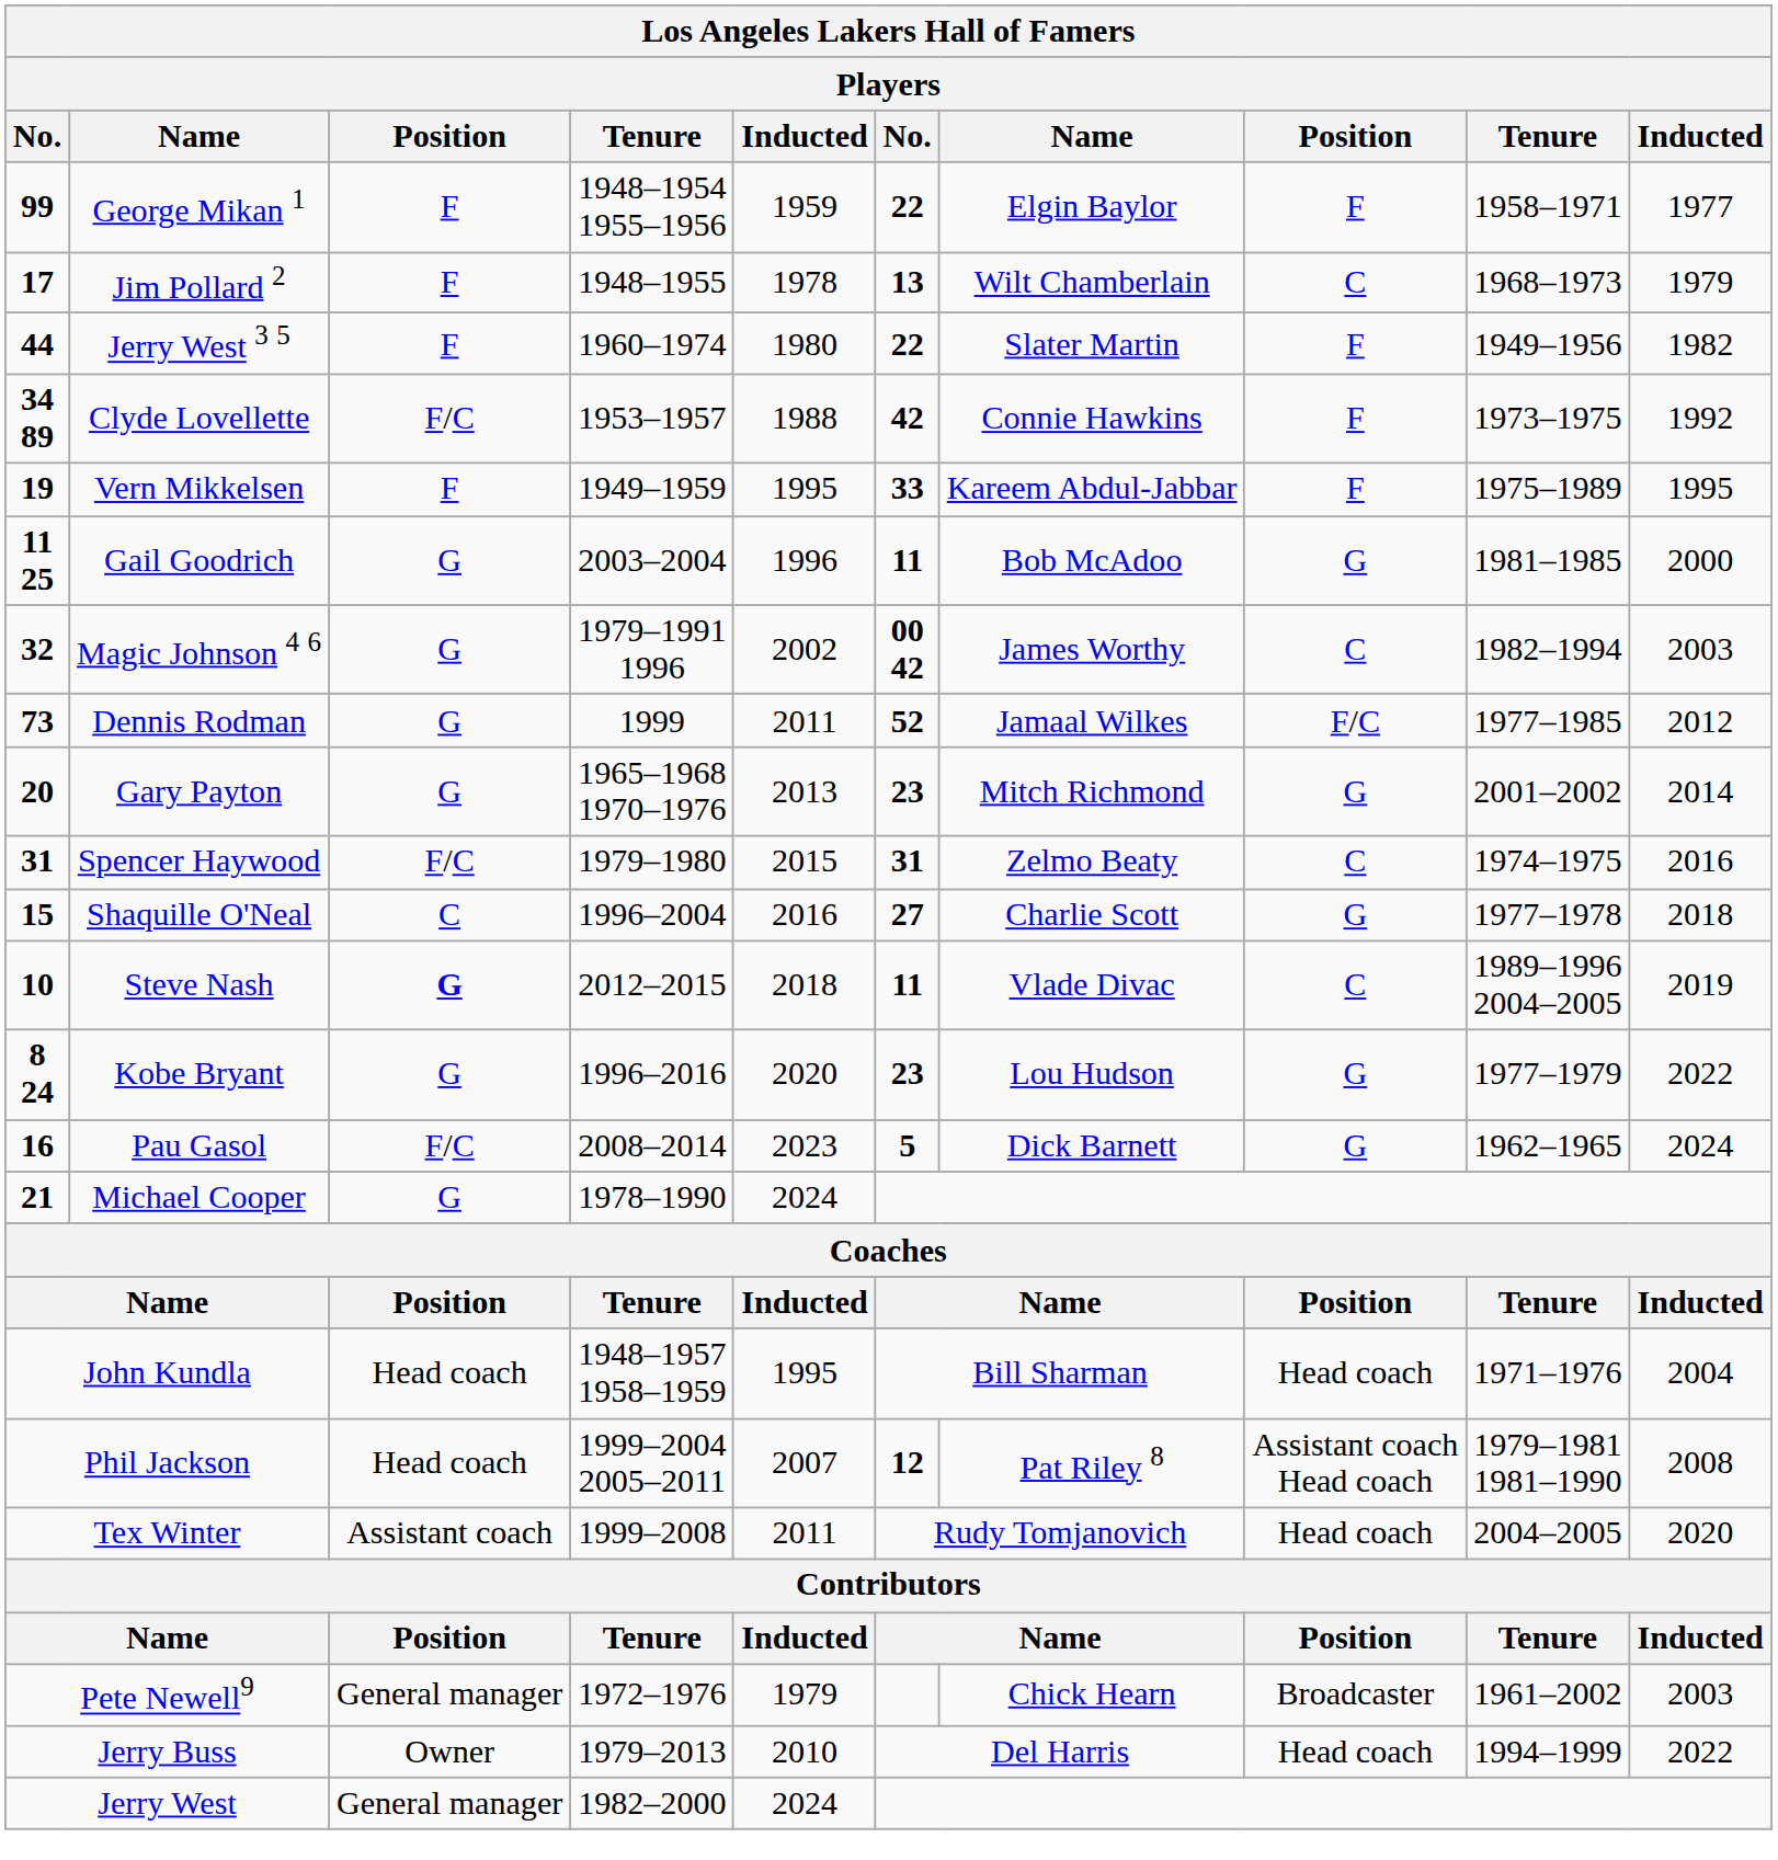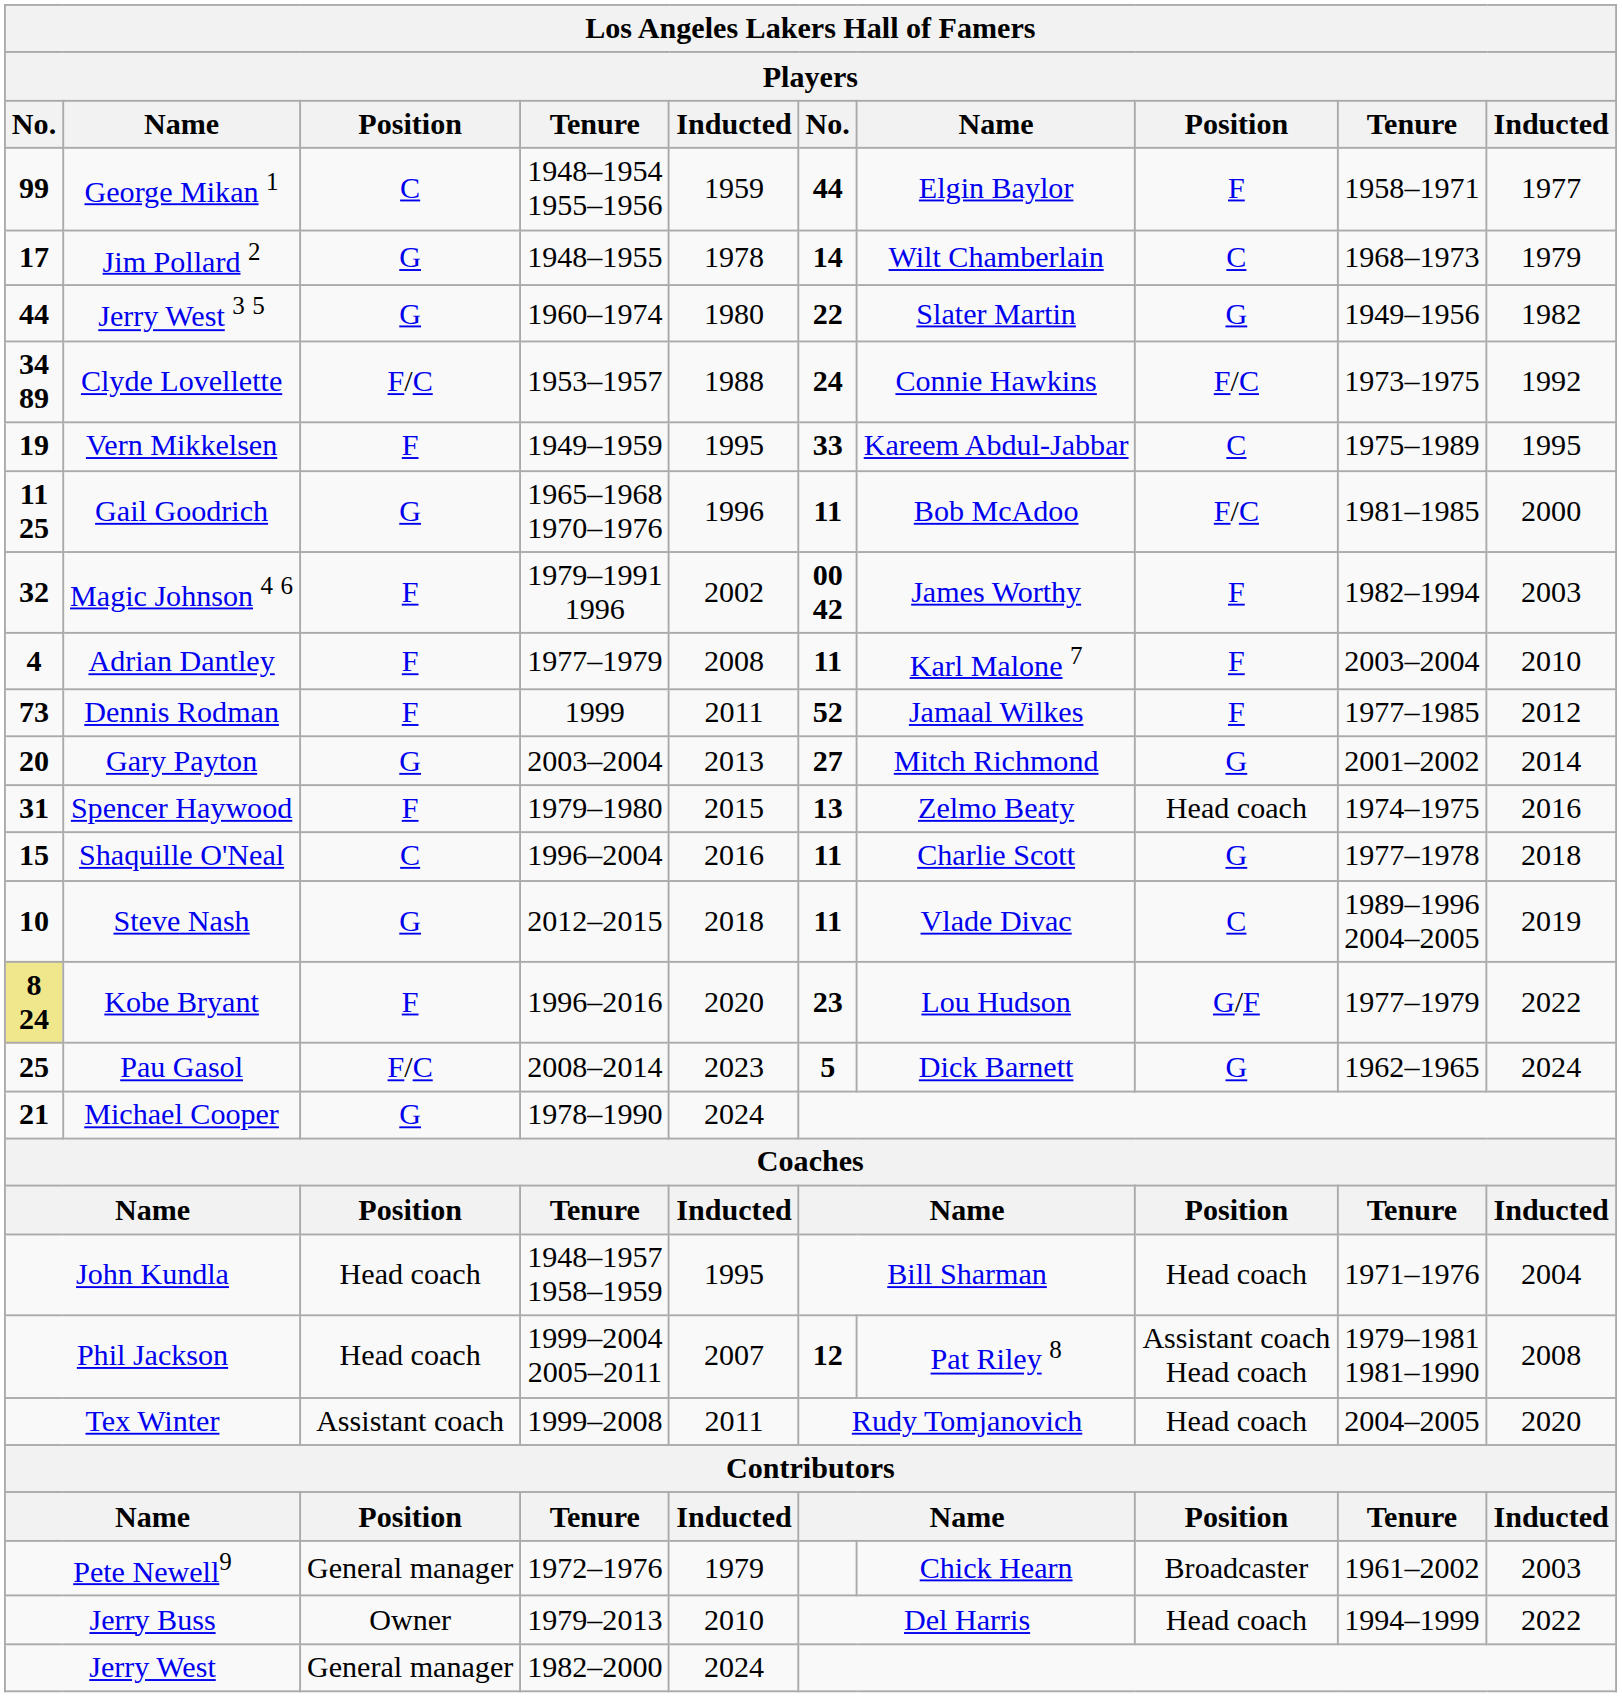 <table class="wikitable" style="text-align:center">
 <tr>
 <th colspan="10">Los Angeles Lakers Hall of Famers</th>
 </tr>
 <tr>
 <th colspan="10">Players</th>
 </tr>
 <tr>
 <th>No.</th>
 <th>Name</th>
 <th>Position</th>
 <th>Tenure</th>
 <th>Inducted</th>
 <th>No.</th>
 <th>Name</th>
 <th>Position</th>
 <th>Tenure</th>
 <th>Inducted</th>
 </tr>
 <tr>
 <td><strong>99</strong></td>
 <td><a href='#'>George Mikan</a> <sup>1</sup></td>
-<td><a href='#'>F</a></td>
+<td><a href='#'>C</a></td>
 <td>1948–1954<br>1955–1956</td>
 <td>1959</td>
-<td><strong>22</strong></td>
+<td><strong>44</strong></td>
 <td><a href='#'>Elgin Baylor</a></td>
 <td><a href='#'>F</a></td>
 <td>1958–1971</td>
 <td>1977</td>
 </tr>
 <tr>
 <td><strong>17</strong></td>
 <td><a href='#'>Jim Pollard</a> <sup>2</sup></td>
-<td><a href='#'>F</a></td>
+<td><a href='#'>G</a></td>
 <td>1948–1955</td>
 <td>1978</td>
-<td><strong>13</strong></td>
+<td><strong>14</strong></td>
 <td><a href='#'>Wilt Chamberlain</a></td>
 <td><a href='#'>C</a></td>
 <td>1968–1973</td>
 <td>1979</td>
 </tr>
 <tr>
 <td><strong>44</strong></td>
 <td><a href='#'>Jerry West</a> <sup>3</sup> <sup>5</sup></td>
-<td><a href='#'>F</a></td>
+<td><a href='#'>G</a></td>
 <td>1960–1974</td>
 <td>1980</td>
 <td><strong>22</strong></td>
 <td><a href='#'>Slater Martin</a></td>
-<td><a href='#'>F</a></td>
+<td><a href='#'>G</a></td>
 <td>1949–1956</td>
 <td>1982</td>
 </tr>
 <tr>
 <td><strong>34</strong><br><strong>89</strong></td>
 <td><a href='#'>Clyde Lovellette</a></td>
 <td><a href='#'>F</a>/<a href='#'>C</a></td>
 <td>1953–1957</td>
 <td>1988</td>
-<td><strong>42</strong></td>
+<td><strong>24</strong></td>
 <td><a href='#'>Connie Hawkins</a></td>
-<td><a href='#'>F</a></td>
+<td><a href='#'>F</a>/<a href='#'>C</a></td>
 <td>1973–1975</td>
 <td>1992</td>
 </tr>
 <tr>
 <td><strong>19</strong></td>
 <td><a href='#'>Vern Mikkelsen</a></td>
 <td><a href='#'>F</a></td>
 <td>1949–1959</td>
 <td>1995</td>
 <td><strong>33</strong></td>
 <td><a href='#'>Kareem Abdul-Jabbar</a></td>
-<td><a href='#'>F</a></td>
+<td><a href='#'>C</a></td>
 <td>1975–1989</td>
 <td>1995</td>
 </tr>
 <tr>
 <td><strong>11</strong><br><strong>25</strong></td>
 <td><a href='#'>Gail Goodrich</a></td>
 <td><a href='#'>G</a></td>
-<td>2003–2004</td>
+<td>1965–1968<br>1970–1976</td>
 <td>1996</td>
 <td><strong>11</strong></td>
 <td><a href='#'>Bob McAdoo</a></td>
-<td><a href='#'>G</a></td>
+<td><a href='#'>F</a>/<a href='#'>C</a></td>
 <td>1981–1985</td>
 <td>2000</td>
 </tr>
 <tr>
 <td><strong>32</strong></td>
 <td><a href='#'>Magic Johnson</a> <sup>4</sup> <sup>6</sup></td>
-<td><a href='#'>G</a></td>
+<td><a href='#'>F</a></td>
 <td>1979–1991<br>1996</td>
 <td>2002</td>
 <td><strong>00</strong><br><strong>42</strong></td>
 <td><a href='#'>James Worthy</a></td>
-<td><a href='#'>C</a></td>
+<td><a href='#'>F</a></td>
 <td>1982–1994</td>
 <td>2003</td>
 </tr>
 <tr>
+<td><strong>4</strong></td>
+<td><a href='#'>Adrian Dantley</a></td>
+<td><a href='#'>F</a></td>
+<td>1977–1979</td>
+<td>2008</td>
+<td><strong>11</strong></td>
+<td><a href='#'>Karl Malone</a> <sup>7</sup></td>
+<td><a href='#'>F</a></td>
+<td>2003–2004</td>
+<td>2010</td>
+</tr>
+<tr>
 <td><strong>73</strong></td>
 <td><a href='#'>Dennis Rodman</a></td>
-<td><a href='#'>G</a></td>
+<td><a href='#'>F</a></td>
 <td>1999</td>
 <td>2011</td>
 <td><strong>52</strong></td>
 <td><a href='#'>Jamaal Wilkes</a></td>
-<td><a href='#'>F</a>/<a href='#'>C</a></td>
+<td><a href='#'>F</a></td>
 <td>1977–1985</td>
 <td>2012</td>
 </tr>
 <tr>
 <td><strong>20</strong></td>
 <td><a href='#'>Gary Payton</a></td>
 <td><a href='#'>G</a></td>
-<td>1965–1968<br>1970–1976</td>
+<td>2003–2004</td>
 <td>2013</td>
-<td><strong>23</strong></td>
+<td><strong>27</strong></td>
 <td><a href='#'>Mitch Richmond</a></td>
 <td><a href='#'>G</a></td>
 <td>2001–2002</td>
 <td>2014</td>
 </tr>
 <tr>
 <td><strong>31</strong></td>
 <td><a href='#'>Spencer Haywood</a></td>
-<td><a href='#'>F</a>/<a href='#'>C</a></td>
+<td><a href='#'>F</a></td>
 <td>1979–1980</td>
 <td>2015</td>
-<td><strong>31</strong></td>
+<td><strong>13</strong></td>
 <td><a href='#'>Zelmo Beaty</a></td>
-<td><a href='#'>C</a></td>
+<td>Head coach</td>
 <td>1974–1975</td>
 <td>2016</td>
 </tr>
 <tr>
 <td><strong>15</strong></td>
 <td><a href='#'>Shaquille O'Neal</a></td>
 <td><a href='#'>C</a></td>
 <td>1996–2004</td>
 <td>2016</td>
-<td><strong>27</strong></td>
+<td><strong>11</strong></td>
 <td><a href='#'>Charlie Scott</a></td>
 <td><a href='#'>G</a></td>
 <td>1977–1978</td>
 <td>2018</td>
 </tr>
 <tr>
 <td><strong>10</strong></td>
 <td><a href='#'>Steve Nash</a></td>
-<td><strong><a href='#'>G</a></strong></td>
+<td><a href='#'>G</a></td>
 <td>2012–2015</td>
 <td>2018</td>
 <td><strong>11</strong></td>
 <td><a href='#'>Vlade Divac</a></td>
 <td><a href='#'>C</a></td>
 <td>1989–1996<br>2004–2005</td>
 <td>2019</td>
 </tr>
 <tr>
-<td><strong>8</strong><br><strong>24</strong></td>
+<td style="background: khaki;"><strong>8</strong><br><strong>24</strong></td>
 <td><a href='#'>Kobe Bryant</a></td>
-<td><a href='#'>G</a></td>
+<td><a href='#'>F</a></td>
 <td>1996–2016</td>
 <td>2020</td>
 <td><strong>23</strong></td>
 <td><a href='#'>Lou Hudson</a></td>
-<td><a href='#'>G</a></td>
+<td><a href='#'>G</a>/<a href='#'>F</a></td>
 <td>1977–1979</td>
 <td>2022</td>
 </tr>
 <tr>
-<td><strong>16</strong></td>
+<td><strong>25</strong></td>
 <td><a href='#'>Pau Gasol</a></td>
 <td><a href='#'>F</a>/<a href='#'>C</a></td>
 <td>2008–2014</td>
 <td>2023</td>
 <td><strong>5</strong></td>
 <td><a href='#'>Dick Barnett</a></td>
 <td><a href='#'>G</a></td>
 <td>1962–1965</td>
 <td>2024</td>
 </tr>
 <tr>
 <td><strong>21</strong></td>
 <td><a href='#'>Michael Cooper</a></td>
 <td><a href='#'>G</a></td>
 <td>1978–1990</td>
 <td>2024</td>
 </tr>
 <tr>
 <th colspan="10">Coaches</th>
 </tr>
 <tr>
 <th colspan="2">Name</th>
 <th>Position</th>
 <th>Tenure</th>
 <th>Inducted</th>
 <th colspan="2">Name</th>
 <th>Position</th>
 <th>Tenure</th>
 <th>Inducted</th>
 </tr>
 <tr>
 <td colspan="2"><a href='#'>John Kundla</a></td>
 <td>Head coach</td>
 <td>1948–1957<br>1958–1959</td>
 <td>1995</td>
 <td colspan="2"><a href='#'>Bill Sharman</a></td>
 <td>Head coach</td>
 <td>1971–1976</td>
 <td>2004</td>
 </tr>
 <tr>
 <td colspan="2"><a href='#'>Phil Jackson</a></td>
 <td>Head coach</td>
 <td>1999–2004<br>2005–2011</td>
 <td>2007</td>
 <td><strong>12</strong></td>
 <td><a href='#'>Pat Riley</a> <sup>8</sup></td>
 <td>Assistant coach<br>Head coach</td>
 <td>1979–1981 <br>1981–1990</td>
 <td>2008</td>
 </tr>
 <tr>
 <td colspan="2"><a href='#'>Tex Winter</a></td>
 <td>Assistant coach</td>
 <td>1999–2008</td>
 <td>2011</td>
 <td colspan="2"><a href='#'>Rudy Tomjanovich</a></td>
 <td>Head coach</td>
 <td>2004–2005</td>
 <td>2020</td>
 </tr>
 <tr>
 <th colspan="10">Contributors</th>
 </tr>
 <tr>
 <th colspan="2">Name</th>
 <th>Position</th>
 <th>Tenure</th>
 <th>Inducted</th>
 <th colspan="2">Name</th>
 <th>Position</th>
 <th>Tenure</th>
 <th>Inducted</th>
 </tr>
 <tr>
 <td colspan="2"><a href='#'>Pete Newell</a><sup>9</sup></td>
 <td>General manager</td>
 <td>1972–1976</td>
 <td>1979</td>
 <td></td>
 <td><a href='#'>Chick Hearn</a></td>
 <td>Broadcaster</td>
 <td>1961–2002</td>
 <td>2003</td>
 </tr>
 <tr>
 <td colspan="2"><a href='#'>Jerry Buss</a></td>
 <td>Owner</td>
 <td>1979–2013</td>
 <td>2010</td>
 <td colspan="2"><a href='#'>Del Harris</a></td>
 <td>Head coach</td>
 <td>1994–1999</td>
 <td>2022</td>
 </tr>
 <tr>
 <td colspan="2"><a href='#'>Jerry West</a></td>
 <td>General manager</td>
 <td>1982–2000</td>
 <td>2024</td>
 </tr>
 </table>
